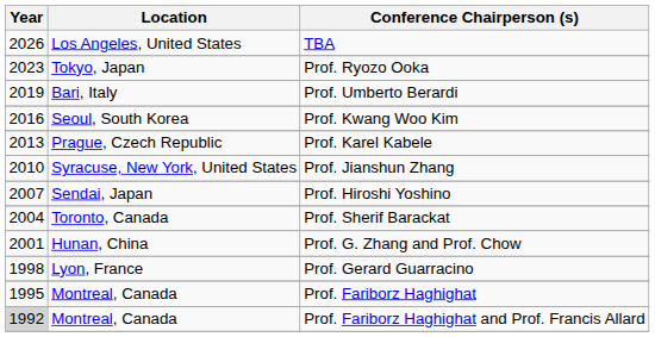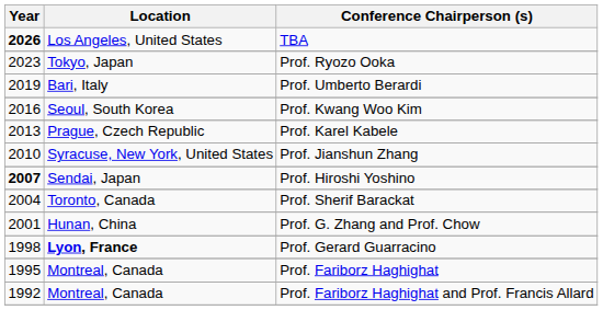 <table class="wikitable">
 <tr>
 <th>Year</th>
 <th>Location</th>
 <th>Conference Chairperson (s)</th>
 </tr>
 <tr>
-<td>2026</td>
+<td><strong>2026</strong></td>
 <td><a href='#'>Los Angeles</a>, United States</td>
 <td><a href='#'>TBA</a></td>
 </tr>
 <tr>
 </tr>
 <tr>
 <td>2023</td>
 <td><a href='#'>Tokyo</a>, Japan</td>
 <td>Prof. Ryozo Ooka</td>
 </tr>
 <tr>
 </tr>
 <tr>
 <td>2019</td>
 <td><a href='#'>Bari</a>, Italy</td>
 <td>Prof. Umberto Berardi</td>
 </tr>
 <tr>
 </tr>
 <tr>
 <td>2016</td>
 <td><a href='#'>Seoul</a>, South Korea</td>
 <td>Prof. Kwang Woo Kim</td>
 </tr>
 <tr>
 </tr>
 <tr>
 <td>2013</td>
 <td><a href='#'>Prague</a>, Czech Republic</td>
 <td>Prof. Karel Kabele</td>
 </tr>
 <tr>
 </tr>
 <tr>
 <td>2010</td>
 <td><a href='#'>Syracuse, New York</a>, United States</td>
 <td>Prof. Jianshun Zhang</td>
 </tr>
 <tr>
 </tr>
 <tr>
-<td>2007</td>
+<td><strong>2007</strong></td>
 <td><a href='#'>Sendai</a>, Japan</td>
 <td>Prof. Hiroshi Yoshino</td>
 </tr>
 <tr>
 </tr>
 <tr>
 <td>2004</td>
 <td><a href='#'>Toronto</a>, Canada</td>
 <td>Prof. Sherif Barackat</td>
 </tr>
 <tr>
 </tr>
 <tr>
 <td>2001</td>
 <td><a href='#'>Hunan</a>, China</td>
 <td>Prof. G. Zhang and Prof. Chow</td>
 </tr>
 <tr>
 </tr>
 <tr>
 <td>1998</td>
-<td><a href='#'>Lyon</a>, France</td>
+<td><strong><a href='#'>Lyon</a>, France</strong></td>
 <td>Prof. Gerard Guarracino</td>
 </tr>
 <tr>
 </tr>
 <tr>
 <td>1995</td>
 <td><a href='#'>Montreal</a>, Canada</td>
 <td>Prof. <a href='#'>Fariborz Haghighat</a></td>
 </tr>
 <tr>
 </tr>
 <tr>
-<td style="background: lightgrey;">1992</td>
+<td>1992</td>
 <td><a href='#'>Montreal</a>, Canada</td>
 <td>Prof. <a href='#'>Fariborz Haghighat</a> and Prof. Francis Allard</td>
 </tr>
 <tr>
 </tr>
 </table>
